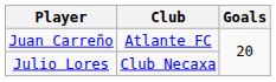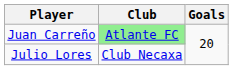 <table class="wikitable" style="text-align: center;">
 <tr>
 <th>Player</th>
 <th>Club</th>
 <th>Goals</th>
 </tr>
 <tr>
 <td> <a href='#'>Juan Carreño</a></td>
-<td><a href='#'>Atlante FC</a></td>
+<td style="background: lightgreen;"><a href='#'>Atlante FC</a></td>
 <td rowspan=2>20</td>
 </tr>
 <tr>
 <td> <a href='#'>Julio Lores</a></td>
 <td><a href='#'>Club Necaxa</a></td>
 </tr>
 </table>
